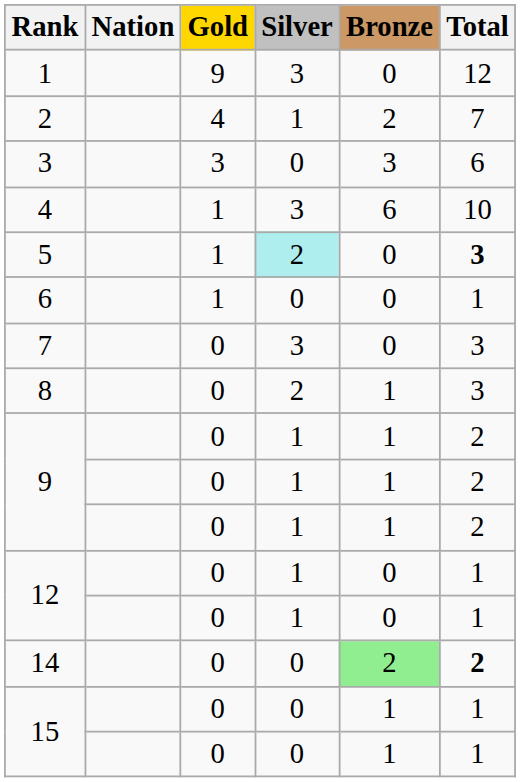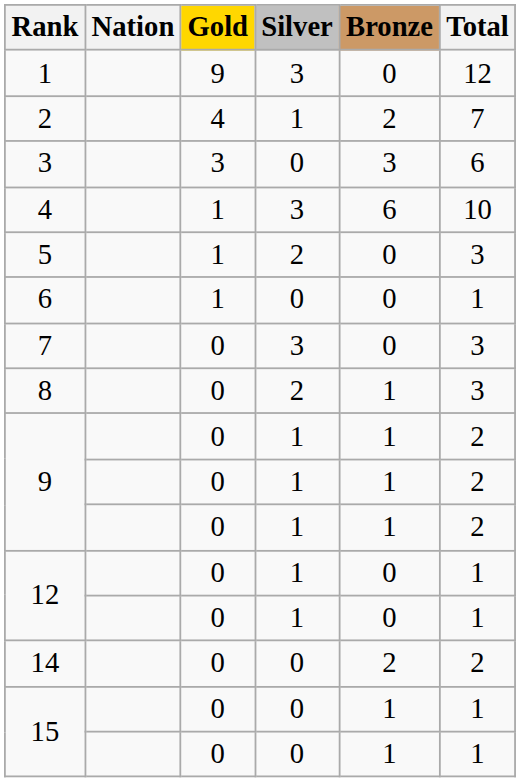 <table class="wikitable sortable" style="text-align:center">
 <tr>
 <th class="unsortable">Rank</th>
 <th>Nation</th>
 <th style="background-color:gold">Gold</th>
 <th style="background-color:silver">Silver</th>
 <th style="background-color:#cc9966">Bronze</th>
 <th>Total</th>
 </tr>
 <tr>
 <td>1</td>
 <td align=left></td>
 <td>9</td>
 <td>3</td>
 <td>0</td>
 <td>12</td>
 </tr>
 <tr>
 <td>2</td>
 <td align=left></td>
 <td>4</td>
 <td>1</td>
 <td>2</td>
 <td>7</td>
 </tr>
 <tr>
 <td>3</td>
 <td align=left></td>
 <td>3</td>
 <td>0</td>
 <td>3</td>
 <td>6</td>
 </tr>
 <tr>
 <td>4</td>
 <td align=left></td>
 <td>1</td>
 <td>3</td>
 <td>6</td>
 <td>10</td>
 </tr>
 <tr>
 <td>5</td>
 <td align=left></td>
 <td>1</td>
-<td style="background: paleturquoise;">2</td>
+<td>2</td>
 <td>0</td>
-<td><strong>3</strong></td>
+<td>3</td>
 </tr>
 <tr>
 <td>6</td>
 <td align=left></td>
 <td>1</td>
 <td>0</td>
 <td>0</td>
 <td>1</td>
 </tr>
 <tr>
 <td>7</td>
 <td align=left></td>
 <td>0</td>
 <td>3</td>
 <td>0</td>
 <td>3</td>
 </tr>
 <tr>
 <td>8</td>
 <td align=left></td>
 <td>0</td>
 <td>2</td>
 <td>1</td>
 <td>3</td>
 </tr>
 <tr>
 <td rowspan="3">9</td>
 <td align="left"></td>
 <td>0</td>
 <td>1</td>
 <td>1</td>
 <td>2</td>
 </tr>
 <tr>
 <td align="left"></td>
 <td>0</td>
 <td>1</td>
 <td>1</td>
 <td>2</td>
 </tr>
 <tr>
 <td align="left"></td>
 <td>0</td>
 <td>1</td>
 <td>1</td>
 <td>2</td>
 </tr>
 <tr>
 <td rowspan="2">12</td>
 <td align="left"></td>
 <td>0</td>
 <td>1</td>
 <td>0</td>
 <td>1</td>
 </tr>
 <tr>
 <td align="left"></td>
 <td>0</td>
 <td>1</td>
 <td>0</td>
 <td>1</td>
 </tr>
 <tr>
 <td>14</td>
 <td align=left></td>
 <td>0</td>
 <td>0</td>
-<td style="background: lightgreen;">2</td>
-<td><strong>2</strong></td>
+<td>2</td>
+<td>2</td>
 </tr>
 <tr>
 <td rowspan="2">15</td>
 <td align="left"></td>
 <td>0</td>
 <td>0</td>
 <td>1</td>
 <td>1</td>
 </tr>
 <tr>
 <td align="left"></td>
 <td>0</td>
 <td>0</td>
 <td>1</td>
 <td>1</td>
 </tr>
 </table>
